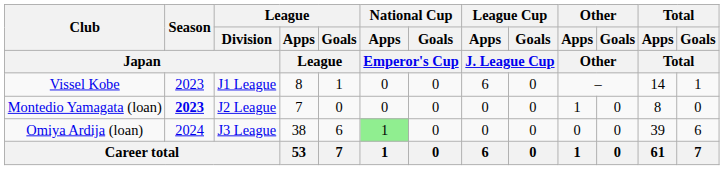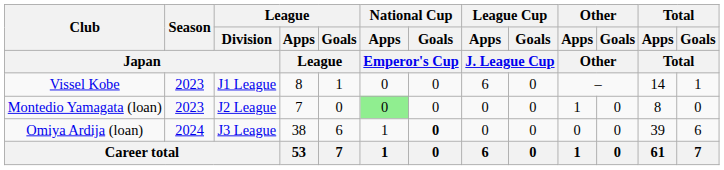 <table class="wikitable" style="text-align:center">
 <tr>
 <th rowspan=2>Club</th>
 <th rowspan=2>Season</th>
 <th colspan=3>League</th>
 <th colspan=2>National Cup</th>
 <th colspan=2>League Cup</th>
 <th colspan=2>Other</th>
 <th colspan=2>Total</th>
 </tr>
 <tr>
 <th>Division</th>
 <th>Apps</th>
 <th>Goals</th>
 <th>Apps</th>
 <th>Goals</th>
 <th>Apps</th>
 <th>Goals</th>
 <th>Apps</th>
 <th>Goals</th>
 <th>Apps</th>
 <th>Goals</th>
 </tr>
 <tr>
 <th colspan=3>Japan</th>
 <th colspan=2>League</th>
 <th colspan=2><a href='#'>Emperor's Cup</a></th>
 <th colspan=2><a href='#'>J. League Cup</a></th>
 <th colspan=2>Other</th>
 <th colspan=2>Total</th>
 </tr>
 <tr>
 <td><a href='#'>Vissel Kobe</a></td>
 <td><a href='#'>2023</a></td>
 <td><a href='#'>J1 League</a></td>
 <td>8</td>
 <td>1</td>
 <td>0</td>
 <td>0</td>
 <td>6</td>
 <td>0</td>
 <td colspan="2">–</td>
 <td>14</td>
 <td>1</td>
 </tr>
 <tr>
 <td><a href='#'>Montedio Yamagata</a> (loan)</td>
-<td><strong><a href='#'>2023</a></strong></td>
+<td><a href='#'>2023</a></td>
 <td><a href='#'>J2 League</a></td>
 <td>7</td>
 <td>0</td>
-<td>0</td>
+<td style="background: lightgreen;">0</td>
 <td>0</td>
 <td>0</td>
 <td>0</td>
 <td>1</td>
 <td>0</td>
 <td>8</td>
 <td>0</td>
 </tr>
 <tr>
 <td><a href='#'>Omiya Ardija</a> (loan)</td>
 <td><a href='#'>2024</a></td>
 <td><a href='#'>J3 League</a></td>
 <td>38</td>
 <td>6</td>
-<td style="background: lightgreen;">1</td>
-<td>0</td>
+<td>1</td>
+<td><strong>0</strong></td>
 <td>0</td>
 <td>0</td>
 <td>0</td>
 <td>0</td>
 <td>39</td>
 <td>6</td>
 </tr>
 <tr>
 <th colspan=3>Career total</th>
 <th>53</th>
 <th>7</th>
 <th>1</th>
 <th>0</th>
 <th>6</th>
 <th>0</th>
 <th>1</th>
 <th>0</th>
 <th>61</th>
 <th>7</th>
 </tr>
 </table>
